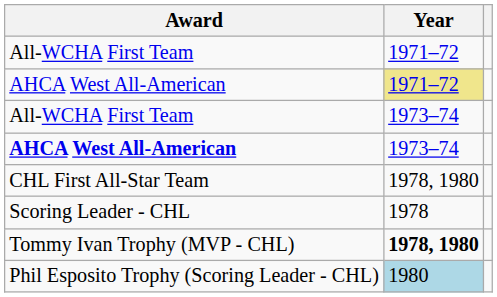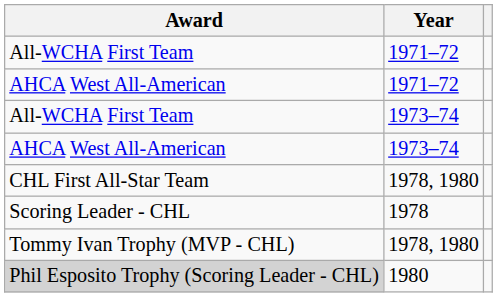 <table class="wikitable">
 <tr>
 <th>Award</th>
 <th>Year</th>
 <th></th>
 </tr>
 <tr>
 <td>All-<a href='#'>WCHA</a> <a href='#'>First Team</a></td>
 <td><a href='#'>1971–72</a></td>
 <td></td>
 </tr>
 <tr>
 <td><a href='#'>AHCA</a> <a href='#'>West All-American</a></td>
-<td style="background: khaki;"><a href='#'>1971–72</a></td>
+<td><a href='#'>1971–72</a></td>
 <td></td>
 </tr>
 <tr>
 <td>All-<a href='#'>WCHA</a> <a href='#'>First Team</a></td>
 <td><a href='#'>1973–74</a></td>
 <td></td>
 </tr>
 <tr>
-<td><strong><a href='#'>AHCA</a> <a href='#'>West All-American</a></strong></td>
+<td><a href='#'>AHCA</a> <a href='#'>West All-American</a></td>
 <td><a href='#'>1973–74</a></td>
 <td></td>
 </tr>
 <tr>
 <td>CHL First All-Star Team</td>
 <td>1978, 1980</td>
 <td></td>
 </tr>
 <tr>
 <td>Scoring Leader - CHL</td>
 <td>1978</td>
 <td></td>
 </tr>
 <tr>
 <td>Tommy Ivan Trophy (MVP - CHL)</td>
-<td><strong>1978, 1980</strong></td>
+<td>1978, 1980</td>
 <td></td>
 </tr>
 <tr>
-<td>Phil Esposito Trophy (Scoring Leader - CHL)</td>
-<td style="background: lightblue;">1980</td>
+<td style="background: lightgrey;">Phil Esposito Trophy (Scoring Leader - CHL)</td>
+<td>1980</td>
 <td></td>
 </tr>
 </table>
